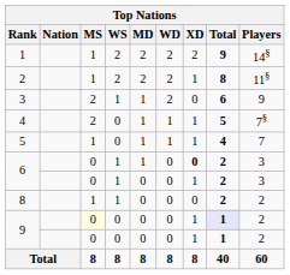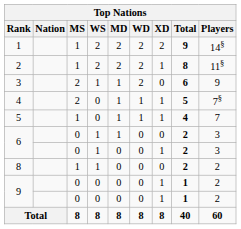 <table class="wikitable" style="text-align:center">
 <tr>
 <th colspan=10>Top Nations</th>
 </tr>
 <tr>
 <th>Rank</th>
 <th>Nation</th>
 <th>MS</th>
 <th>WS</th>
 <th>MD</th>
 <th>WD</th>
 <th>XD</th>
 <th>Total</th>
 <th>Players</th>
 </tr>
 <tr>
 <td>1</td>
 <td align=left></td>
 <td>1</td>
 <td>2</td>
 <td>2</td>
 <td>2</td>
 <td>2</td>
 <td><strong>9</strong></td>
 <td>14<sup>§</sup></td>
 </tr>
 <tr>
 <td>2</td>
 <td align=left></td>
 <td>1</td>
 <td>2</td>
 <td>2</td>
 <td>2</td>
 <td>1</td>
 <td><strong>8</strong></td>
 <td>11<sup>§</sup></td>
 </tr>
 <tr align=center>
 <td>3</td>
 <td align=left></td>
 <td>2</td>
 <td>1</td>
 <td>1</td>
 <td>2</td>
 <td>0</td>
 <td><strong>6</strong></td>
 <td>9</td>
 </tr>
 <tr align=center>
 <td>4</td>
 <td align=left></td>
 <td>2</td>
 <td>0</td>
 <td>1</td>
 <td>1</td>
 <td>1</td>
 <td><strong>5</strong></td>
 <td>7<sup>§</sup></td>
 </tr>
 <tr align=center>
 <td>5</td>
 <td align=left></td>
 <td>1</td>
 <td>0</td>
 <td>1</td>
 <td>1</td>
 <td>1</td>
 <td><strong>4</strong></td>
 <td>7</td>
 </tr>
 <tr align=center>
 <td rowspan=2>6</td>
 <td align=left></td>
 <td>0</td>
 <td>1</td>
 <td>1</td>
 <td>0</td>
-<td><strong>0</strong></td>
+<td>0</td>
 <td><strong>2</strong></td>
 <td>3</td>
 </tr>
 <tr align=center>
 <td align=left></td>
 <td>0</td>
 <td>1</td>
 <td>0</td>
 <td>0</td>
 <td>1</td>
 <td><strong>2</strong></td>
 <td>3</td>
 </tr>
 <tr align=center>
 <td>8</td>
 <td align=left></td>
 <td>1</td>
 <td>1</td>
 <td>0</td>
 <td>0</td>
 <td>0</td>
 <td><strong>2</strong></td>
 <td>2</td>
 </tr>
 <tr align=center>
 <td rowspan=2>9</td>
 <td align=left></td>
-<td style="background: lightyellow;">0</td>
+<td>0</td>
 <td>0</td>
 <td>0</td>
 <td>0</td>
 <td>1</td>
-<td style="background: lavender;"><strong>1</strong></td>
+<td><strong>1</strong></td>
 <td>2</td>
 </tr>
 <tr align=center>
 <td align=left></td>
 <td>0</td>
 <td>0</td>
 <td>0</td>
 <td>0</td>
 <td>1</td>
 <td><strong>1</strong></td>
 <td>2</td>
 </tr>
 <tr>
 <th colspan=2>Total</th>
 <td><strong>8</strong></td>
 <td><strong>8</strong></td>
 <td><strong>8</strong></td>
 <td><strong>8</strong></td>
 <td><strong>8</strong></td>
 <td><strong>40</strong></td>
 <td><strong>60</strong></td>
 </tr>
 </table>
